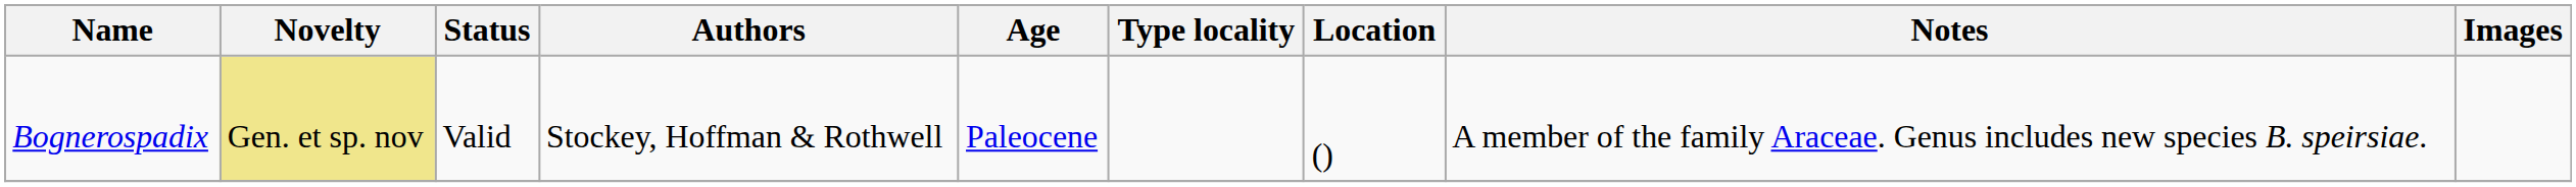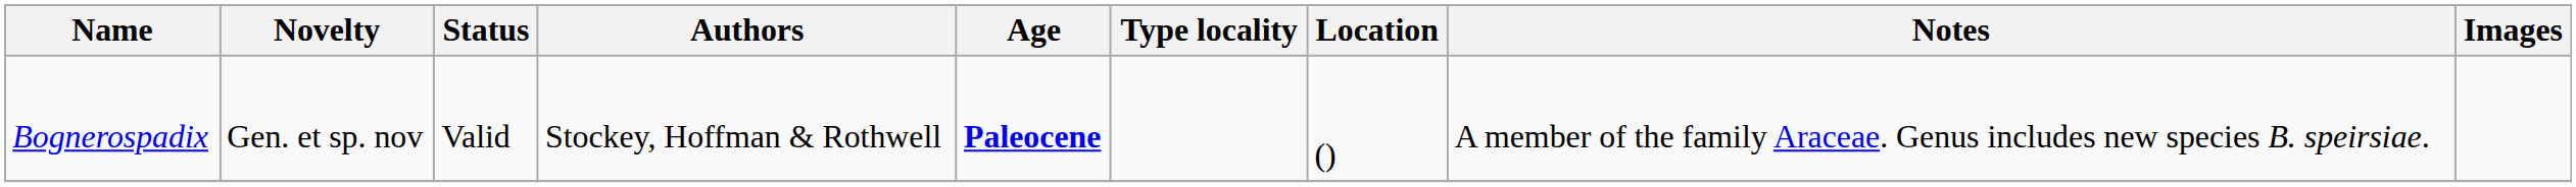 <table class="wikitable sortable" align="center" width="100%">
 <tr>
 <th>Name</th>
 <th>Novelty</th>
 <th>Status</th>
 <th>Authors</th>
 <th>Age</th>
 <th>Type locality</th>
 <th>Location</th>
 <th>Notes</th>
 <th>Images</th>
 </tr>
 <tr>
 <td><br><em><a href='#'>Bognerospadix</a></em></td>
-<td style="background: khaki;"><br>Gen. et sp. nov</td>
+<td><br>Gen. et sp. nov</td>
 <td><br>Valid</td>
 <td><br>Stockey, Hoffman & Rothwell</td>
-<td><br><a href='#'>Paleocene</a></td>
+<td><strong><br><a href='#'>Paleocene</a></strong></td>
 <td></td>
 <td><br><br>()</td>
 <td><br>A member of the family <a href='#'>Araceae</a>. Genus includes new species <em>B. speirsiae</em>.</td>
 <td></td>
 </tr>
 <tr>
 </tr>
 </table>
